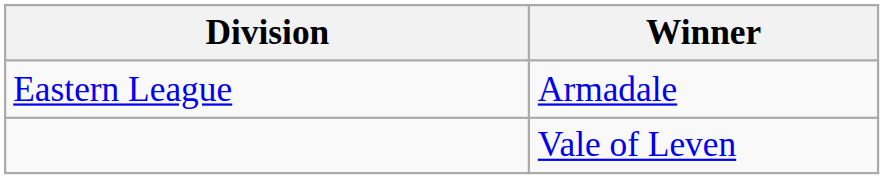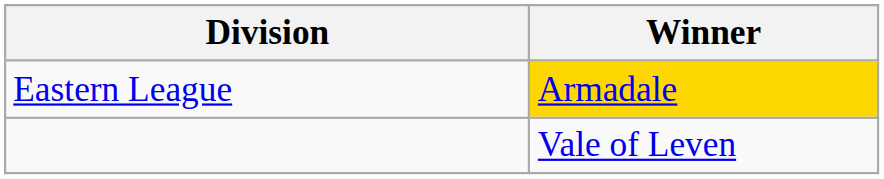 <table class="wikitable">
 <tr>
 <th width=230>Division</th>
 <th width=150>Winner</th>
 </tr>
 <tr>
 <td><a href='#'>Eastern League</a></td>
-<td><a href='#'>Armadale</a></td>
+<td style="background: gold;"><a href='#'>Armadale</a></td>
 </tr>
 <tr>
 <td></td>
 <td><a href='#'>Vale of Leven</a></td>
 </tr>
 </table>
